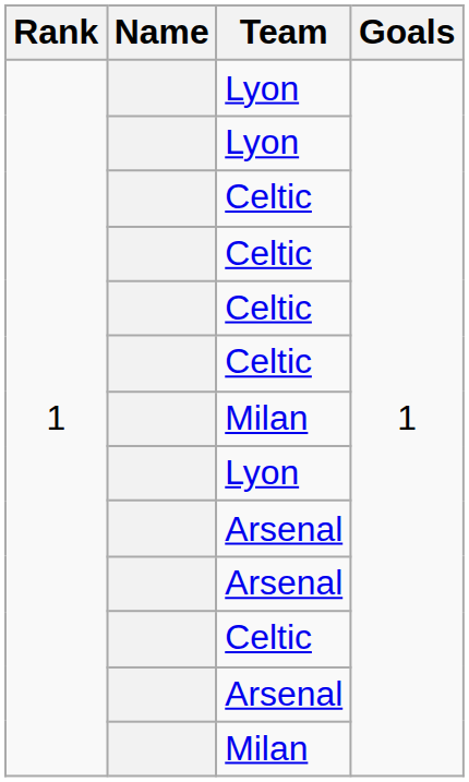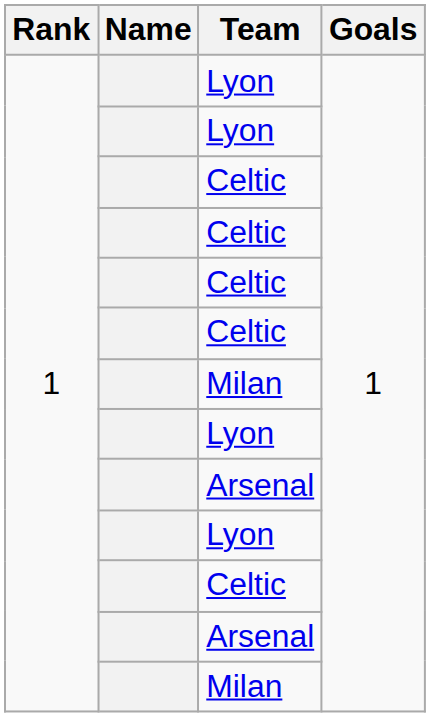 <table class="wikitable plainrowheaders sortable" style="text-align:center;">
 <tr>
 <th scope=col>Rank</th>
 <th scope=col>Name</th>
 <th scope=col>Team</th>
 <th scope=col>Goals</th>
 </tr>
 <tr>
 <td rowspan="13">1</td>
 <th scope=row> </th>
 <td align="left"><a href='#'>Lyon</a></td>
 <td rowspan="13">1</td>
 </tr>
 <tr>
 <th scope=row> </th>
 <td align="left"><a href='#'>Lyon</a></td>
 </tr>
 <tr>
 <th scope=row> </th>
 <td align="left"><a href='#'>Celtic</a></td>
 </tr>
 <tr>
 <th scope=row> </th>
 <td align="left"><a href='#'>Celtic</a></td>
 </tr>
 <tr>
 <th scope=row> </th>
 <td align="left"><a href='#'>Celtic</a></td>
 </tr>
 <tr>
 <th scope=row> </th>
 <td align="left"><a href='#'>Celtic</a></td>
 </tr>
 <tr>
 <th scope=row> </th>
 <td align="left"><a href='#'>Milan</a></td>
 </tr>
 <tr>
 <th scope=row> </th>
 <td align="left"><a href='#'>Lyon</a></td>
 </tr>
 <tr>
 <th scope=row> </th>
 <td align="left"><a href='#'>Arsenal</a></td>
 </tr>
 <tr>
 <th scope=row> </th>
-<td align="left"><a href='#'>Arsenal</a></td>
+<td align="left"><a href='#'>Lyon</a></td>
 </tr>
 <tr>
 <th scope=row> </th>
 <td align="left"><a href='#'>Celtic</a></td>
 </tr>
 <tr>
 <th scope=row> </th>
 <td align="left"><a href='#'>Arsenal</a></td>
 </tr>
 <tr>
 <th scope=row> </th>
 <td align="left"><a href='#'>Milan</a></td>
 </tr>
 </table>
